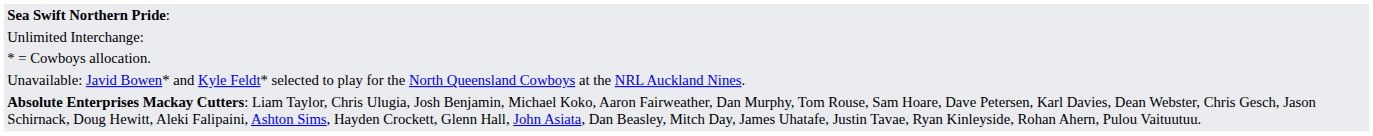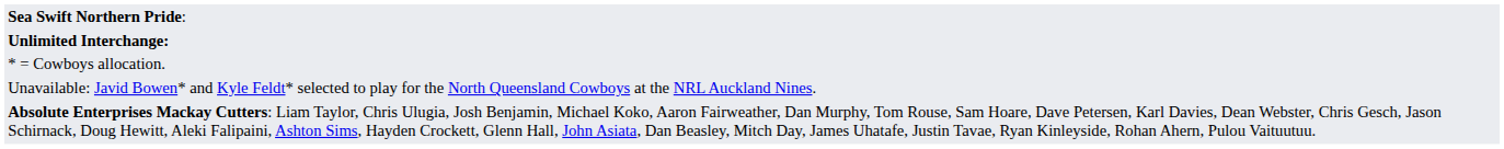 <table style="background:#eaecf0; font-size:85%; width:100%;">
 <tr>
 <td><strong>Sea Swift Northern Pride</strong>:             </td>
 </tr>
 <tr>
-<td>Unlimited Interchange:       </td>
+<td><strong>Unlimited Interchange:       </strong></td>
 </tr>
 <tr>
 <td>* = Cowboys allocation.</td>
 </tr>
 <tr>
 <td>Unavailable: <a href='#'>Javid Bowen</a>* and <a href='#'>Kyle Feldt</a>* selected to play for the <a href='#'>North Queensland Cowboys</a> at the <a href='#'>NRL Auckland Nines</a>.</td>
 </tr>
 <tr>
 <td><strong>Absolute Enterprises Mackay Cutters</strong>: Liam Taylor, Chris Ulugia, Josh Benjamin, Michael Koko, Aaron Fairweather, Dan Murphy, Tom Rouse, Sam Hoare, Dave Petersen, Karl Davies, Dean Webster, Chris Gesch, Jason Schirnack, Doug Hewitt, Aleki Falipaini, <a href='#'>Ashton Sims</a>, Hayden Crockett, Glenn Hall, <a href='#'>John Asiata</a>, Dan Beasley, Mitch Day, James Uhatafe, Justin Tavae, Ryan Kinleyside, Rohan Ahern, Pulou Vaituutuu.</td>
 </tr>
 </table>
